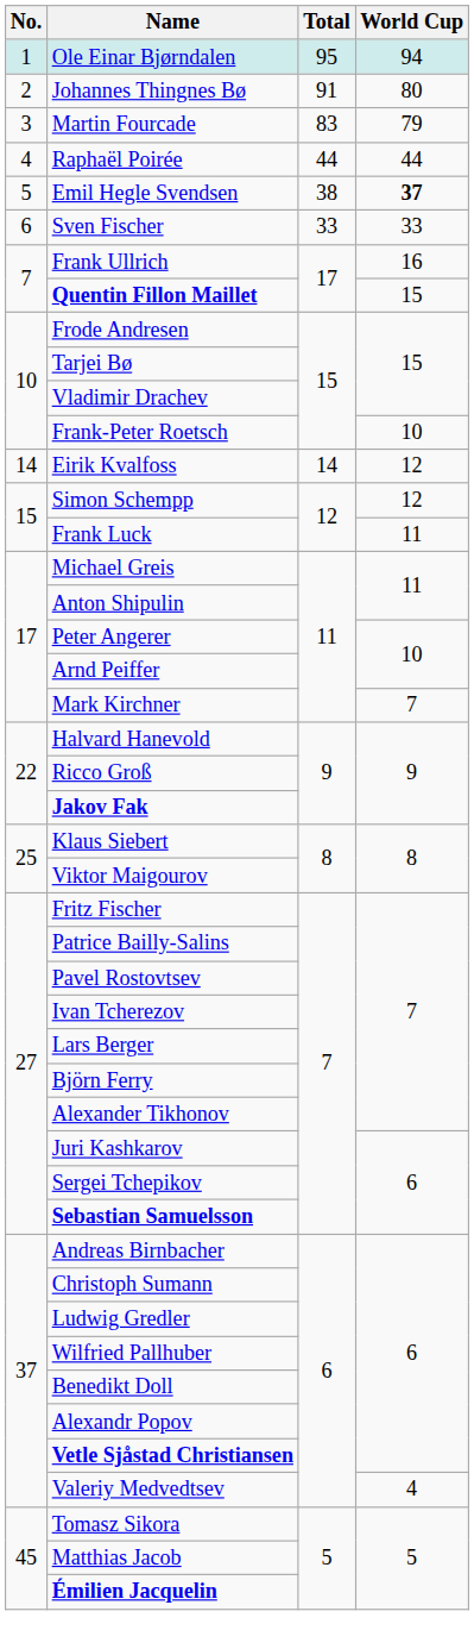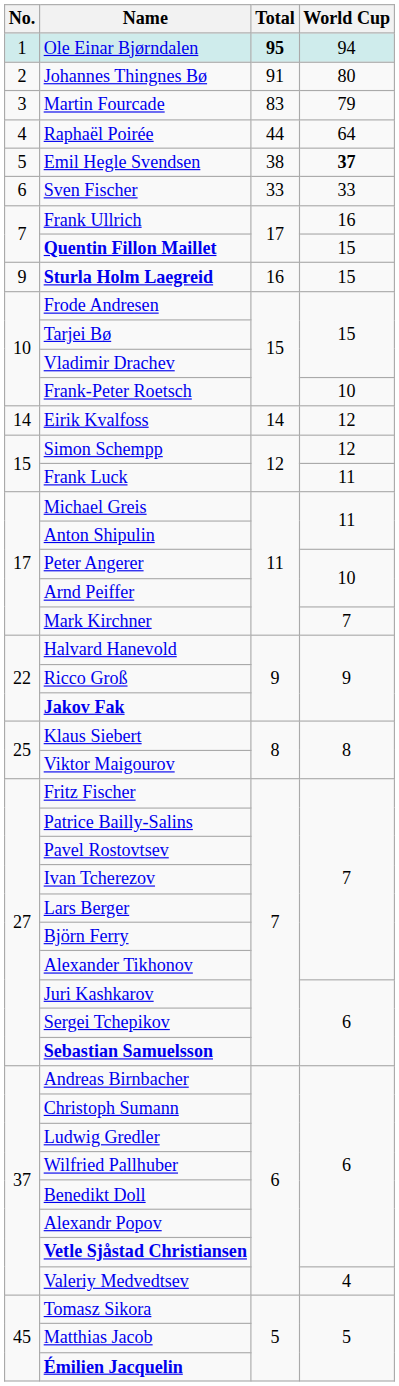 <table class="wikitable sortable" style="display:inline-table;">
 <tr>
 <th>No.</th>
 <th>Name</th>
 <th>Total</th>
 <th>World Cup</th>
 </tr>
 <tr style="background:#CFECEC">
 <td style="text-align:center">1</td>
 <td> <a href='#'>Ole Einar Bjørndalen</a></td>
-<td style="text-align:center">95</td>
+<td style="text-align:center"><strong>95</strong></td>
 <td style="text-align:center">94</td>
 </tr>
 <tr>
 <td style="text-align:center">2</td>
 <td> <a href='#'>Johannes Thingnes Bø</a></td>
 <td style="text-align:center">91</td>
 <td style="text-align:center">80</td>
 </tr>
 <tr>
 <td style="text-align:center">3</td>
 <td> <a href='#'>Martin Fourcade</a></td>
 <td style="text-align:center">83</td>
 <td style="text-align:center">79</td>
 </tr>
 <tr>
 <td style="text-align:center">4</td>
 <td> <a href='#'>Raphaël Poirée</a></td>
 <td style="text-align:center">44</td>
-<td style="text-align:center">44</td>
+<td style="text-align:center">64</td>
 </tr>
 <tr>
 <td style="text-align:center">5</td>
 <td> <a href='#'>Emil Hegle Svendsen</a></td>
 <td style="text-align:center">38</td>
 <td style="text-align:center"><strong>37</strong></td>
 </tr>
 <tr>
 <td style="text-align:center">6</td>
 <td> <a href='#'>Sven Fischer</a></td>
 <td style="text-align:center">33</td>
 <td style="text-align:center">33</td>
 </tr>
 <tr>
 <td rowspan=2 style="text-align:center">7</td>
 <td> <a href='#'>Frank Ullrich</a></td>
 <td rowspan=2 style="text-align:center">17</td>
 <td style="text-align:center">16</td>
 </tr>
 <tr>
 <td> <strong><a href='#'>Quentin Fillon Maillet</a></strong></td>
+<td style="text-align:center">15</td>
+</tr>
+<tr>
+<td style="text-align:center">9</td>
+<td> <strong><a href='#'>Sturla Holm Laegreid</a></strong></td>
+<td style="text-align:center">16</td>
 <td style="text-align:center">15</td>
 </tr>
 <tr>
 <td rowspan=4 style="text-align:center">10</td>
 <td> <a href='#'>Frode Andresen</a></td>
 <td rowspan=4 style="text-align:center">15</td>
 <td rowspan=3 style="text-align:center">15</td>
 </tr>
 <tr>
 <td> <a href='#'>Tarjei Bø</a></td>
 </tr>
 <tr>
 <td>  <a href='#'>Vladimir Drachev</a></td>
 </tr>
 <tr>
 <td> <a href='#'>Frank-Peter Roetsch</a></td>
 <td style="text-align:center">10</td>
 </tr>
 <tr>
 <td style="text-align:center">14</td>
 <td> <a href='#'>Eirik Kvalfoss</a></td>
 <td style="text-align:center">14</td>
 <td style="text-align:center">12</td>
 </tr>
 <tr>
 <td rowspan=2 style="text-align:center">15</td>
 <td> <a href='#'>Simon Schempp</a></td>
 <td rowspan=2 style="text-align:center">12</td>
 <td style="text-align:center">12</td>
 </tr>
 <tr>
 <td>  <a href='#'>Frank Luck</a></td>
 <td style="text-align:center">11</td>
 </tr>
 <tr>
 <td rowspan=5 style="text-align:center">17</td>
 <td> <a href='#'>Michael Greis</a></td>
 <td rowspan=5 style="text-align:center">11</td>
 <td rowspan=2 style="text-align:center">11</td>
 </tr>
 <tr>
 <td> <a href='#'>Anton Shipulin</a></td>
 </tr>
 <tr>
 <td> <a href='#'>Peter Angerer</a></td>
 <td rowspan=2 style="text-align:center">10</td>
 </tr>
 <tr>
 <td> <a href='#'>Arnd Peiffer</a></td>
 </tr>
 <tr>
 <td>  <a href='#'>Mark Kirchner</a></td>
 <td style="text-align:center">7</td>
 </tr>
 <tr>
 <td rowspan=3 style="text-align:center">22</td>
 <td> <a href='#'>Halvard Hanevold</a></td>
 <td rowspan=3 style="text-align:center">9</td>
 <td rowspan=3 style="text-align:center">9</td>
 </tr>
 <tr>
 <td> <a href='#'>Ricco Groß</a></td>
 </tr>
 <tr>
 <td> <strong><a href='#'>Jakov Fak</a></strong></td>
 </tr>
 <tr>
 <td rowspan=2 style="text-align:center">25</td>
 <td> <a href='#'>Klaus Siebert</a></td>
 <td rowspan=2 style="text-align:center">8</td>
 <td rowspan=2 style="text-align:center">8</td>
 </tr>
 <tr>
 <td>   <a href='#'>Viktor Maigourov</a></td>
 </tr>
 <tr>
 <td rowspan=10 style="text-align:center">27</td>
 <td> <a href='#'>Fritz Fischer</a></td>
 <td rowspan=10 style="text-align:center">7</td>
 <td rowspan=7 style="text-align:center">7</td>
 </tr>
 <tr>
 <td> <a href='#'>Patrice Bailly-Salins</a></td>
 </tr>
 <tr>
 <td> <a href='#'>Pavel Rostovtsev</a></td>
 </tr>
 <tr>
 <td> <a href='#'>Ivan Tcherezov</a></td>
 </tr>
 <tr>
 <td> <a href='#'>Lars Berger</a></td>
 </tr>
 <tr>
 <td> <a href='#'>Björn Ferry</a></td>
 </tr>
 <tr>
 <td> <a href='#'>Alexander Tikhonov</a></td>
 </tr>
 <tr>
 <td> <a href='#'>Juri Kashkarov</a></td>
 <td rowspan=3 style="text-align:center">6</td>
 </tr>
 <tr>
 <td>  <a href='#'>Sergei Tchepikov</a></td>
 </tr>
 <tr>
 <td> <strong><a href='#'>Sebastian Samuelsson</a></strong></td>
 </tr>
 <tr>
 <td rowspan=8 style="text-align:center">37</td>
 <td> <a href='#'>Andreas Birnbacher</a></td>
 <td rowspan=8 style="text-align:center">6</td>
 <td rowspan=7 style="text-align:center">6</td>
 </tr>
 <tr>
 <td> <a href='#'>Christoph Sumann</a></td>
 </tr>
 <tr>
 <td> <a href='#'>Ludwig Gredler</a></td>
 </tr>
 <tr>
 <td> <a href='#'>Wilfried Pallhuber</a></td>
 </tr>
 <tr>
 <td> <a href='#'>Benedikt Doll</a></td>
 </tr>
 <tr>
 <td>  <a href='#'>Alexandr Popov</a></td>
 </tr>
 <tr>
 <td> <strong><a href='#'>Vetle Sjåstad Christiansen</a></strong></td>
 </tr>
 <tr>
 <td>  <a href='#'>Valeriy Medvedtsev</a></td>
 <td style="text-align:center">4</td>
 </tr>
 <tr>
 <td rowspan=3 style="text-align:center">45</td>
 <td> <a href='#'>Tomasz Sikora</a></td>
 <td rowspan=3 style="text-align:center">5</td>
 <td rowspan=3 style="text-align:center">5</td>
 </tr>
 <tr>
 <td> <a href='#'>Matthias Jacob</a></td>
 </tr>
 <tr>
 <td> <strong><a href='#'>Émilien Jacquelin</a></strong></td>
 </tr>
 </table>
